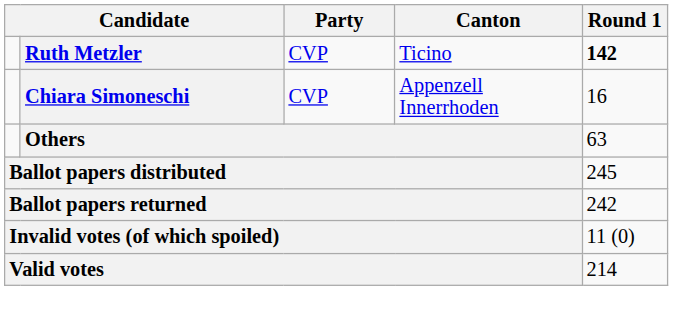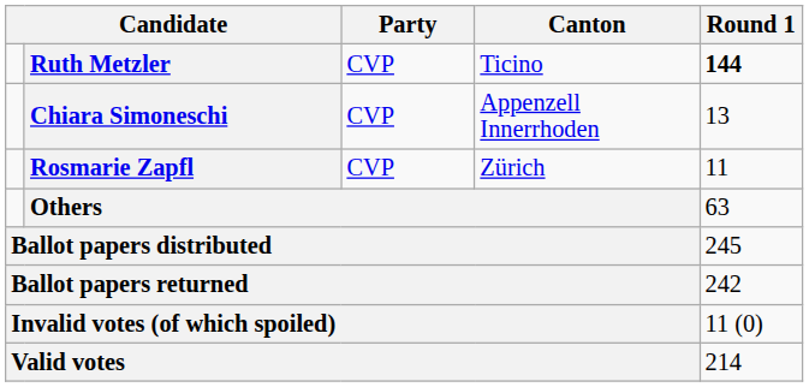 <table class="wikitable">
 <tr>
 <th colspan=2>Candidate</th>
 <th>Party</th>
 <th>Canton</th>
 <th>Round 1</th>
 </tr>
 <tr>
 <td width=5px style="background-color: "></td>
 <td width=200px style="background-color:#F2F2F2"><strong><a href='#'>Ruth Metzler</a></strong></td>
 <td width=80px><a href='#'>CVP</a></td>
 <td><a href='#'>Ticino</a></td>
-<td width=60px><strong>142</strong></td>
+<td width=60px><strong>144</strong></td>
 </tr>
 <tr>
 <td style="background-color: "></td>
 <td style="background-color:#F2F2F2"><strong><a href='#'>Chiara Simoneschi</a></strong></td>
 <td><a href='#'>CVP</a></td>
 <td width=140px><a href='#'>Appenzell Innerrhoden</a></td>
-<td>16</td>
+<td>13</td>
+</tr>
+<tr>
+<td style="background-color: "></td>
+<td style="background-color:#F2F2F2"><strong><a href='#'>Rosmarie Zapfl</a></strong></td>
+<td><a href='#'>CVP</a></td>
+<td><a href='#'>Zürich</a></td>
+<td>11</td>
 </tr>
 <tr>
 <td></td>
 <td colspan=3 style="background-color:#F2F2F2"><strong>Others</strong></td>
 <td>63</td>
 </tr>
 <tr>
 <td colspan=4 style="background-color:#F2F2F2"><strong>Ballot papers distributed</strong></td>
 <td>245</td>
 </tr>
 <tr>
 <td colspan=4 style="background-color:#F2F2F2"><strong>Ballot papers returned</strong></td>
 <td>242</td>
 </tr>
 <tr>
 <td colspan=4 style="background-color:#F2F2F2"><strong>Invalid votes (of which spoiled)</strong></td>
 <td>11 (0)</td>
 </tr>
 <tr>
 <td colspan=4 style="background-color:#F2F2F2"><strong>Valid votes</strong></td>
 <td>214</td>
 </tr>
 </table>
